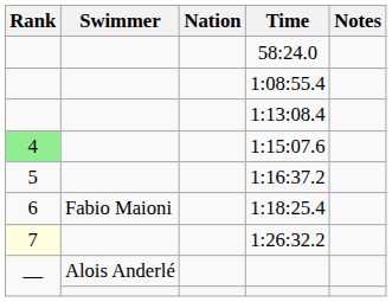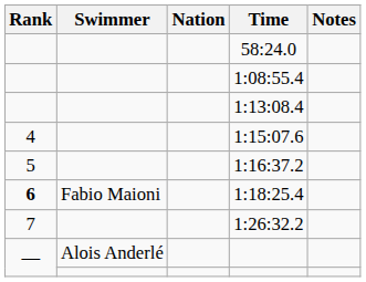 <table class="wikitable sortable" style="text-align:center">
 <tr>
 <th>Rank</th>
 <th>Swimmer</th>
 <th>Nation</th>
 <th>Time</th>
 <th>Notes</th>
 </tr>
 <tr>
 <td></td>
 <td align=left></td>
 <td align=left></td>
 <td data-sort-value=0:58:24.0>58:24.0</td>
 <td></td>
 </tr>
 <tr>
 <td></td>
 <td align=left></td>
 <td align=left></td>
 <td>1:08:55.4</td>
 <td></td>
 </tr>
 <tr>
 <td></td>
 <td align=left></td>
 <td align=left></td>
 <td>1:13:08.4</td>
 <td></td>
 </tr>
 <tr>
-<td style="background: lightgreen;">4</td>
+<td>4</td>
 <td align=left></td>
 <td align=left></td>
 <td>1:15:07.6</td>
 <td></td>
 </tr>
 <tr>
 <td>5</td>
 <td align=left></td>
 <td align=left></td>
 <td>1:16:37.2</td>
 <td></td>
 </tr>
 <tr>
-<td>6</td>
+<td><strong>6</strong></td>
 <td align=left>Fabio Maioni</td>
 <td align=left></td>
 <td>1:18:25.4</td>
 <td></td>
 </tr>
 <tr>
-<td style="background: lightyellow;">7</td>
+<td>7</td>
 <td align=left></td>
 <td align=left></td>
 <td>1:26:32.2</td>
 <td></td>
 </tr>
 <tr>
 <td rowspan=2 data-sort-value=8>—</td>
 <td align=left>Alois Anderlé</td>
 <td align=left></td>
 <td></td>
 <td></td>
 </tr>
 <tr>
 <td align=left></td>
 <td align=left></td>
 <td></td>
 <td></td>
 </tr>
 </table>
